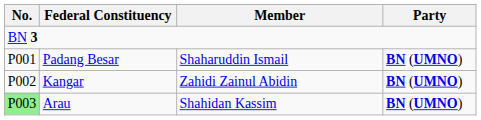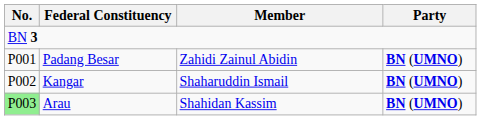 <table class ="wikitable sortable">
 <tr>
 <th style="width:30px;">No.</th>
 <th style="width:150px;">Federal Constituency</th>
 <th style="width:230px;">Member</th>
 <th style="width:100px;">Party</th>
 </tr>
 <tr>
 <td colspan="4"><a href='#'>BN</a> <strong>3</strong></td>
 </tr>
 <tr>
 <td>P001</td>
 <td><a href='#'>Padang Besar</a></td>
-<td><a href='#'>Shaharuddin Ismail</a></td>
+<td><a href='#'>Zahidi Zainul Abidin</a></td>
 <td><strong><a href='#'>BN</a></strong> (<strong><a href='#'>UMNO</a></strong>)</td>
 </tr>
 <tr>
 <td>P002</td>
 <td><a href='#'>Kangar</a></td>
-<td><a href='#'>Zahidi Zainul Abidin</a></td>
+<td><a href='#'>Shaharuddin Ismail</a></td>
 <td><strong><a href='#'>BN</a></strong> (<strong><a href='#'>UMNO</a></strong>)</td>
 </tr>
 <tr>
 <td style="background: lightgreen;">P003</td>
 <td><a href='#'>Arau</a></td>
 <td><a href='#'>Shahidan Kassim</a></td>
 <td><strong><a href='#'>BN</a></strong> (<strong><a href='#'>UMNO</a></strong>)</td>
 </tr>
 </table>
